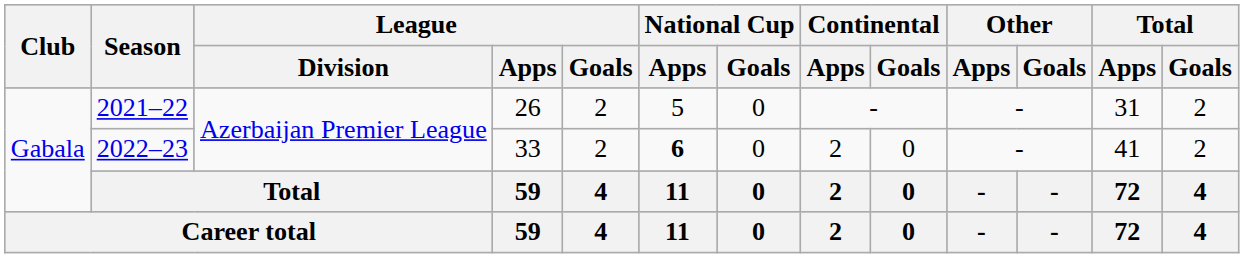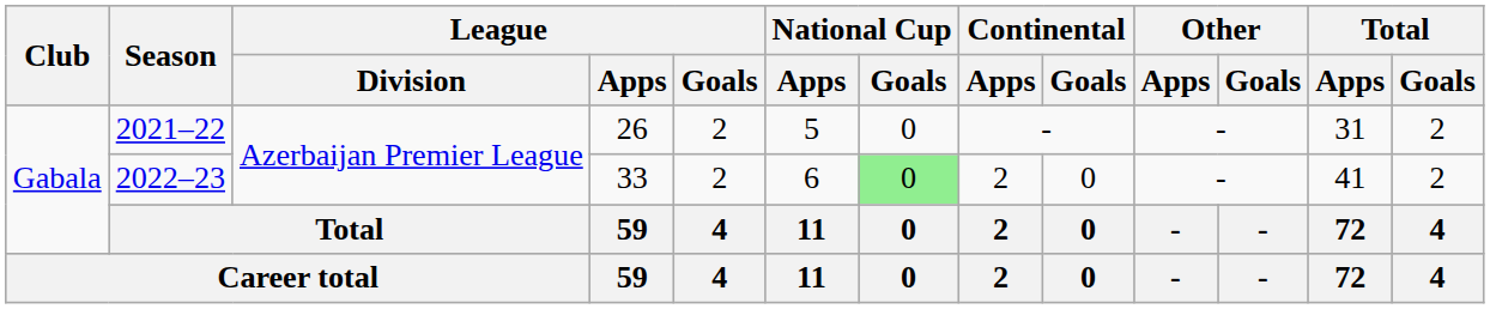 <table class="wikitable" style="text-align: center;">
 <tr>
 <th rowspan="2">Club</th>
 <th rowspan="2">Season</th>
 <th colspan="3">League</th>
 <th colspan="2">National Cup</th>
 <th colspan="2">Continental</th>
 <th colspan="2">Other</th>
 <th colspan="2">Total</th>
 </tr>
 <tr>
 <th>Division</th>
 <th>Apps</th>
 <th>Goals</th>
 <th>Apps</th>
 <th>Goals</th>
 <th>Apps</th>
 <th>Goals</th>
 <th>Apps</th>
 <th>Goals</th>
 <th>Apps</th>
 <th>Goals</th>
 </tr>
 <tr>
 <td rowspan="3" valign="center"><a href='#'>Gabala</a></td>
 <td><a href='#'>2021–22</a></td>
 <td rowspan="2"><a href='#'>Azerbaijan Premier League</a></td>
 <td>26</td>
 <td>2</td>
 <td>5</td>
 <td>0</td>
 <td colspan="2">-</td>
 <td colspan="2">-</td>
 <td>31</td>
 <td>2</td>
 </tr>
 <tr>
 <td><a href='#'>2022–23</a></td>
 <td>33</td>
 <td>2</td>
-<td><strong>6</strong></td>
-<td>0</td>
+<td>6</td>
+<td style="background: lightgreen;">0</td>
 <td>2</td>
 <td>0</td>
 <td colspan="2">-</td>
 <td>41</td>
 <td>2</td>
 </tr>
 <tr>
 <th colspan="2">Total</th>
 <th>59</th>
 <th>4</th>
 <th>11</th>
 <th>0</th>
 <th>2</th>
 <th>0</th>
 <th>-</th>
 <th>-</th>
 <th>72</th>
 <th>4</th>
 </tr>
 <tr>
 <th colspan="3">Career total</th>
 <th>59</th>
 <th>4</th>
 <th>11</th>
 <th>0</th>
 <th>2</th>
 <th>0</th>
 <th>-</th>
 <th>-</th>
 <th>72</th>
 <th>4</th>
 </tr>
 </table>
